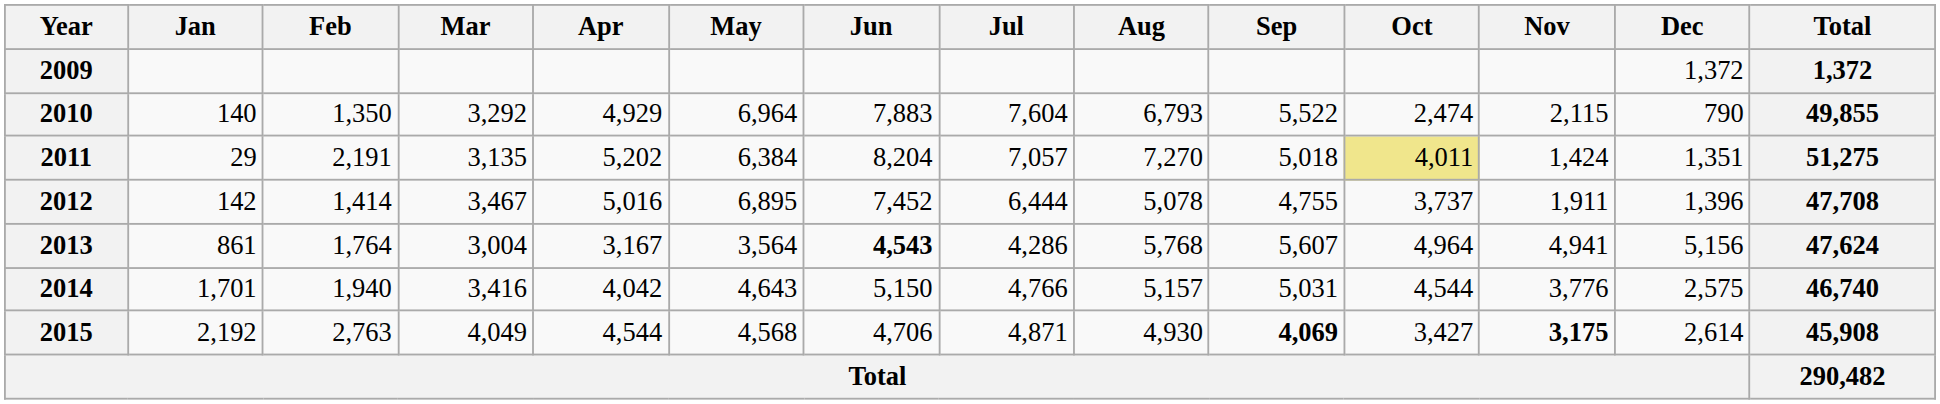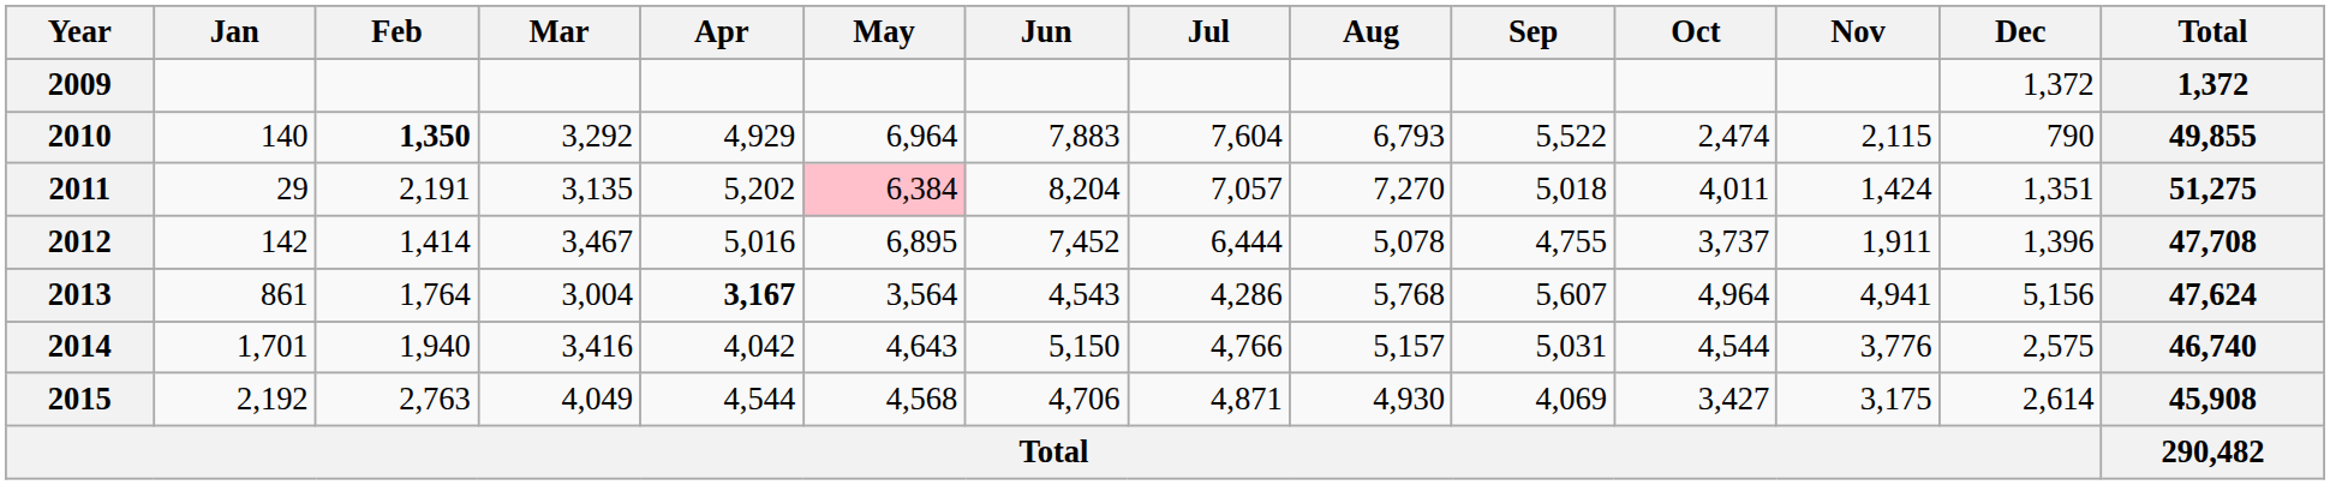 <table class=wikitable style="text-align:right; font-size:0.9em; width:1050px;">
 <tr>
 <th>Year</th>
 <th>Jan</th>
 <th>Feb</th>
 <th>Mar</th>
 <th>Apr</th>
 <th>May</th>
 <th>Jun</th>
 <th>Jul</th>
 <th>Aug</th>
 <th>Sep</th>
 <th>Oct</th>
 <th>Nov</th>
 <th>Dec</th>
 <th>Total</th>
 </tr>
 <tr>
 <th>2009</th>
 <td></td>
 <td></td>
 <td></td>
 <td></td>
 <td></td>
 <td></td>
 <td></td>
 <td></td>
 <td></td>
 <td></td>
 <td></td>
 <td>1,372</td>
 <th>1,372</th>
 </tr>
 <tr>
 <th>2010</th>
 <td>140</td>
-<td>1,350</td>
+<td><strong>1,350</strong></td>
 <td>3,292</td>
 <td>4,929</td>
 <td>6,964</td>
 <td>7,883</td>
 <td>7,604</td>
 <td>6,793</td>
 <td>5,522</td>
 <td>2,474</td>
 <td>2,115</td>
 <td>790</td>
 <th>49,855</th>
 </tr>
 <tr>
 <th>2011</th>
 <td>29</td>
 <td>2,191</td>
 <td>3,135</td>
 <td>5,202</td>
-<td>6,384</td>
+<td style="background: pink;">6,384</td>
 <td>8,204</td>
 <td>7,057</td>
 <td>7,270</td>
 <td>5,018</td>
-<td style="background: khaki;">4,011</td>
+<td>4,011</td>
 <td>1,424</td>
 <td>1,351</td>
 <th>51,275</th>
 </tr>
 <tr>
 <th>2012</th>
 <td>142</td>
 <td>1,414</td>
 <td>3,467</td>
 <td>5,016</td>
 <td>6,895</td>
 <td>7,452</td>
 <td>6,444</td>
 <td>5,078</td>
 <td>4,755</td>
 <td>3,737</td>
 <td>1,911</td>
 <td>1,396</td>
 <th>47,708</th>
 </tr>
 <tr>
 <th>2013</th>
 <td>861</td>
 <td>1,764</td>
 <td>3,004</td>
-<td>3,167</td>
+<td><strong>3,167</strong></td>
 <td>3,564</td>
-<td><strong>4,543</strong></td>
+<td>4,543</td>
 <td>4,286</td>
 <td>5,768</td>
 <td>5,607</td>
 <td>4,964</td>
 <td>4,941</td>
 <td>5,156</td>
 <th>47,624</th>
 </tr>
 <tr>
 <th>2014</th>
 <td>1,701</td>
 <td>1,940</td>
 <td>3,416</td>
 <td>4,042</td>
 <td>4,643</td>
 <td>5,150</td>
 <td>4,766</td>
 <td>5,157</td>
 <td>5,031</td>
 <td>4,544</td>
 <td>3,776</td>
 <td>2,575</td>
 <th>46,740</th>
 </tr>
 <tr>
 <th>2015</th>
 <td>2,192</td>
 <td>2,763</td>
 <td>4,049</td>
 <td>4,544</td>
 <td>4,568</td>
 <td>4,706</td>
 <td>4,871</td>
 <td>4,930</td>
-<td><strong>4,069</strong></td>
+<td>4,069</td>
 <td>3,427</td>
-<td><strong>3,175</strong></td>
+<td>3,175</td>
 <td>2,614</td>
 <th>45,908</th>
 </tr>
 <tr>
 <th colspan=13>Total</th>
 <th>290,482</th>
 </tr>
 </table>
